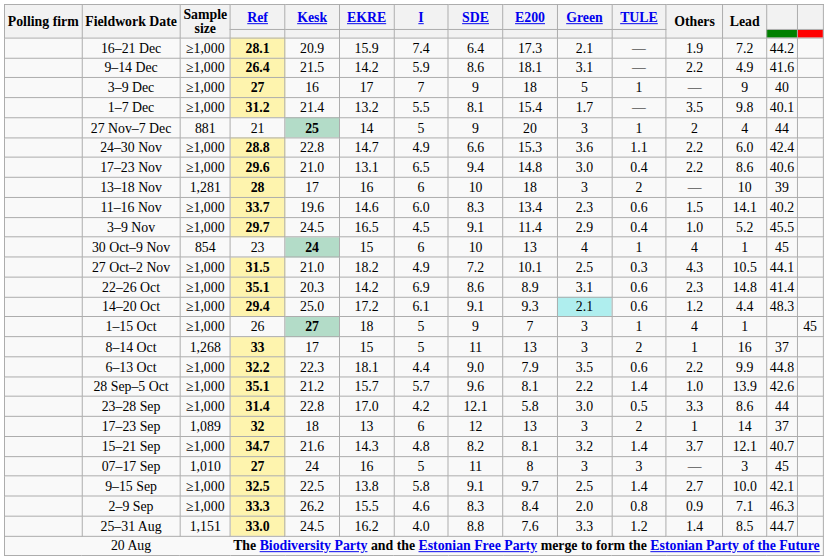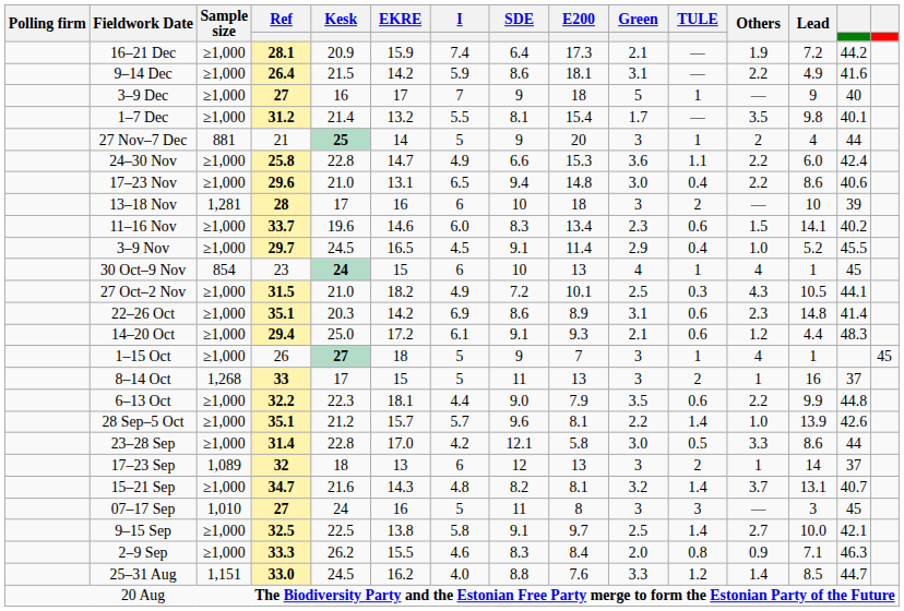 <table class="wikitable sortable mw-datatable" style="text-align:center;font-size:90%;line-height:14px;">
 <tr>
 <th rowspan="2">Polling firm</th>
 <th rowspan="2">Fieldwork Date</th>
 <th rowspan="2" data-sort-type="number">Sample<br>size</th>
 <th class="unsortable" style="width:50px;"><a href='#'>Ref</a></th>
 <th class="unsortable" style="width:50px;"><a href='#'>Kesk</a></th>
 <th class="unsortable" style="width:50px;"><a href='#'>EKRE</a></th>
 <th class="unsortable" style="width:50px;"><a href='#'>I</a></th>
 <th class="unsortable" style="width:50px;"><a href='#'>SDE</a></th>
 <th class="unsortable" style="width:50px;"><a href='#'>E200</a></th>
 <th class="unsortable" style="width:50px;"><a href='#'>Green</a></th>
 <th class="unsortable" style="width:50px;"><a href='#'>TULE</a></th>
 <th rowspan="2" class="unsortable">Others</th>
 <th rowspan="2" data-sort-type="number">Lead</th>
 <th class="unsortable" style="width:20px;"></th>
 <th class="unsortable" style="width:20px;"></th>
 </tr>
 <tr style="text-align:center;">
 <th data-sort-type="number" style="background:"></th>
 <th data-sort-type="number" style="background:"></th>
 <th data-sort-type="number" style="background:"></th>
 <th data-sort-type="number" style="background:"></th>
 <th data-sort-type="number" style="background:"></th>
 <th data-sort-type="number" style="background:"></th>
 <th data-sort-type="number" style="background:"></th>
 <th data-sort-type="number" style="background:"></th>
 <th data-sort-type="number" style="background:Green;"></th>
 <th data-sort-type="number" style="background:Red;"></th>
 </tr>
 <tr>
 <td></td>
 <td>16–21 Dec</td>
 <td>≥1,000</td>
 <td style="background:#FEF4AE"><strong>28.1</strong></td>
 <td>20.9</td>
 <td>15.9</td>
 <td>7.4</td>
 <td>6.4</td>
 <td>17.3</td>
 <td>2.1</td>
 <td>—</td>
 <td>1.9</td>
 <td style="background:">7.2</td>
 <td>44.2</td>
 <td></td>
 </tr>
 <tr>
 <td></td>
 <td>9–14 Dec</td>
 <td>≥1,000</td>
 <td style="background:#FEF4AE"><strong>26.4</strong></td>
 <td>21.5</td>
 <td>14.2</td>
 <td>5.9</td>
 <td>8.6</td>
 <td>18.1</td>
 <td>3.1</td>
 <td>—</td>
 <td>2.2</td>
 <td style="background:">4.9</td>
 <td>41.6</td>
 <td></td>
 </tr>
 <tr>
 <td></td>
 <td>3–9 Dec</td>
 <td>≥1,000</td>
 <td style="background:#FEF4AE"><strong>27</strong></td>
 <td>16</td>
 <td>17</td>
 <td>7</td>
 <td>9</td>
 <td>18</td>
 <td>5</td>
 <td>1</td>
 <td>—</td>
 <td style="background:">9</td>
 <td>40</td>
 <td></td>
 </tr>
 <tr>
 <td></td>
 <td>1–7 Dec</td>
 <td>≥1,000</td>
 <td style="background:#FEF4AE"><strong>31.2</strong></td>
 <td>21.4</td>
 <td>13.2</td>
 <td>5.5</td>
 <td>8.1</td>
 <td>15.4</td>
 <td>1.7</td>
 <td>—</td>
 <td>3.5</td>
 <td style="background:">9.8</td>
 <td>40.1</td>
 <td></td>
 </tr>
 <tr>
 <td></td>
 <td>27  Nov–7 Dec</td>
 <td>881</td>
 <td>21</td>
 <td style="background:#b3dcc8"><strong>25</strong></td>
 <td>14</td>
 <td>5</td>
 <td>9</td>
 <td>20</td>
 <td>3</td>
 <td>1</td>
 <td>2</td>
 <td style="background:">4</td>
 <td>44</td>
 <td></td>
 </tr>
 <tr>
 <td></td>
 <td>24–30 Nov</td>
 <td>≥1,000</td>
-<td style="background:#FEF4AE"><strong>28.8</strong></td>
+<td style="background:#FEF4AE"><strong>25.8</strong></td>
 <td>22.8</td>
 <td>14.7</td>
 <td>4.9</td>
 <td>6.6</td>
 <td>15.3</td>
 <td>3.6</td>
 <td>1.1</td>
 <td>2.2</td>
 <td style="background:">6.0</td>
 <td>42.4</td>
 <td></td>
 </tr>
 <tr>
 <td></td>
 <td>17–23 Nov</td>
 <td>≥1,000</td>
 <td style="background:#FEF4AE"><strong>29.6</strong></td>
 <td>21.0</td>
 <td>13.1</td>
 <td>6.5</td>
 <td>9.4</td>
 <td>14.8</td>
 <td>3.0</td>
 <td>0.4</td>
 <td>2.2</td>
 <td style="background:">8.6</td>
 <td>40.6</td>
 <td></td>
 </tr>
 <tr>
 <td></td>
 <td>13–18 Nov</td>
 <td>1,281</td>
 <td style="background:#FEF4AE"><strong>28</strong></td>
 <td>17</td>
 <td>16</td>
 <td>6</td>
 <td>10</td>
 <td>18</td>
 <td>3</td>
 <td>2</td>
 <td>—</td>
 <td style="background:">10</td>
 <td>39</td>
 <td></td>
 </tr>
 <tr>
 <td></td>
 <td>11–16 Nov</td>
 <td>≥1,000</td>
 <td style="background:#FEF4AE"><strong>33.7</strong></td>
 <td>19.6</td>
 <td>14.6</td>
 <td>6.0</td>
 <td>8.3</td>
 <td>13.4</td>
 <td>2.3</td>
 <td>0.6</td>
 <td>1.5</td>
 <td style="background:">14.1</td>
 <td>40.2</td>
 <td></td>
 </tr>
 <tr>
 <td></td>
 <td>3–9 Nov</td>
 <td>≥1,000</td>
 <td style="background:#FEF4AE"><strong>29.7</strong></td>
 <td>24.5</td>
 <td>16.5</td>
 <td>4.5</td>
 <td>9.1</td>
 <td>11.4</td>
 <td>2.9</td>
 <td>0.4</td>
 <td>1.0</td>
 <td style="background:">5.2</td>
 <td>45.5</td>
 <td></td>
 </tr>
 <tr>
 <td></td>
 <td>30 Oct–9 Nov</td>
 <td>854</td>
 <td>23</td>
 <td style="background:#b3dcc8"><strong>24</strong></td>
 <td>15</td>
 <td>6</td>
 <td>10</td>
 <td>13</td>
 <td>4</td>
 <td>1</td>
 <td>4</td>
 <td style="background:">1</td>
 <td>45</td>
 <td></td>
 </tr>
 <tr>
 <td></td>
 <td>27 Oct–2 Nov</td>
 <td>≥1,000</td>
 <td style="background:#FEF4AE"><strong>31.5</strong></td>
 <td>21.0</td>
 <td>18.2</td>
 <td>4.9</td>
 <td>7.2</td>
 <td>10.1</td>
 <td>2.5</td>
 <td>0.3</td>
 <td>4.3</td>
 <td style="background:">10.5</td>
 <td>44.1</td>
 <td></td>
 </tr>
 <tr>
 <td></td>
 <td>22–26 Oct</td>
 <td>≥1,000</td>
 <td style="background:#FEF4AE"><strong>35.1</strong></td>
 <td>20.3</td>
 <td>14.2</td>
 <td>6.9</td>
 <td>8.6</td>
 <td>8.9</td>
 <td>3.1</td>
 <td>0.6</td>
 <td>2.3</td>
 <td style="background:">14.8</td>
 <td>41.4</td>
 <td></td>
 </tr>
 <tr>
 <td></td>
 <td>14–20 Oct</td>
 <td>≥1,000</td>
 <td style="background:#FEF4AE"><strong>29.4</strong></td>
 <td>25.0</td>
 <td>17.2</td>
 <td>6.1</td>
 <td>9.1</td>
 <td>9.3</td>
-<td style="background: paleturquoise;">2.1</td>
+<td>2.1</td>
 <td>0.6</td>
 <td>1.2</td>
 <td style="background:">4.4</td>
 <td>48.3</td>
 <td></td>
 </tr>
 <tr>
 <td></td>
 <td>1–15 Oct</td>
 <td>≥1,000</td>
 <td>26</td>
 <td style="background:#b3dcc8"><strong>27</strong></td>
 <td>18</td>
 <td>5</td>
 <td>9</td>
 <td>7</td>
 <td>3</td>
 <td>1</td>
 <td>4</td>
 <td style="background:">1</td>
 <td></td>
 <td>45</td>
 </tr>
 <tr>
 <td></td>
 <td>8–14 Oct</td>
 <td>1,268</td>
 <td style="background:#FEF4AE"><strong>33</strong></td>
 <td>17</td>
 <td>15</td>
 <td>5</td>
 <td>11</td>
 <td>13</td>
 <td>3</td>
 <td>2</td>
 <td>1</td>
 <td style="background:">16</td>
 <td>37</td>
 <td></td>
 </tr>
 <tr>
 <td></td>
 <td>6–13 Oct</td>
 <td>≥1,000</td>
 <td style="background:#FEF4AE"><strong>32.2</strong></td>
 <td>22.3</td>
 <td>18.1</td>
 <td>4.4</td>
 <td>9.0</td>
 <td>7.9</td>
 <td>3.5</td>
 <td>0.6</td>
 <td>2.2</td>
 <td style="background:">9.9</td>
 <td>44.8</td>
 <td></td>
 </tr>
 <tr>
 <td></td>
 <td>28 Sep–5 Oct</td>
 <td>≥1,000</td>
 <td style="background:#FEF4AE"><strong>35.1</strong></td>
 <td>21.2</td>
 <td>15.7</td>
 <td>5.7</td>
 <td>9.6</td>
 <td>8.1</td>
 <td>2.2</td>
 <td>1.4</td>
 <td>1.0</td>
 <td style="background:">13.9</td>
 <td>42.6</td>
 <td></td>
 </tr>
 <tr>
 <td></td>
 <td>23–28 Sep</td>
 <td>≥1,000</td>
 <td style="background:#FEF4AE"><strong>31.4</strong></td>
 <td>22.8</td>
 <td>17.0</td>
 <td>4.2</td>
 <td>12.1</td>
 <td>5.8</td>
 <td>3.0</td>
 <td>0.5</td>
 <td>3.3</td>
 <td style="background:">8.6</td>
 <td>44</td>
 <td></td>
 </tr>
 <tr>
 <td></td>
 <td>17–23 Sep</td>
 <td>1,089</td>
 <td style="background:#FEF4AE"><strong>32</strong></td>
 <td>18</td>
 <td>13</td>
 <td>6</td>
 <td>12</td>
 <td>13</td>
 <td>3</td>
 <td>2</td>
 <td>1</td>
 <td style="background:">14</td>
 <td>37</td>
 <td></td>
 </tr>
 <tr>
 <td></td>
 <td>15–21 Sep</td>
 <td>≥1,000</td>
 <td style="background:#FEF4AE"><strong>34.7</strong></td>
 <td>21.6</td>
 <td>14.3</td>
 <td>4.8</td>
 <td>8.2</td>
 <td>8.1</td>
 <td>3.2</td>
 <td>1.4</td>
 <td>3.7</td>
-<td style="background:">12.1</td>
+<td style="background:">13.1</td>
 <td>40.7</td>
 <td></td>
 </tr>
 <tr>
 <td></td>
 <td>07–17 Sep</td>
 <td>1,010</td>
 <td style="background:#FEF4AE"><strong>27</strong></td>
 <td>24</td>
 <td>16</td>
 <td>5</td>
 <td>11</td>
 <td>8</td>
 <td>3</td>
 <td>3</td>
 <td>—</td>
 <td style="background:">3</td>
 <td>45</td>
 <td></td>
 </tr>
 <tr>
 <td></td>
 <td>9–15 Sep</td>
 <td>≥1,000</td>
 <td style="background:#FEF4AE"><strong>32.5</strong></td>
 <td>22.5</td>
 <td>13.8</td>
 <td>5.8</td>
 <td>9.1</td>
 <td>9.7</td>
 <td>2.5</td>
 <td>1.4</td>
 <td>2.7</td>
 <td style="background:">10.0</td>
 <td>42.1</td>
 <td></td>
 </tr>
 <tr>
 <td></td>
 <td>2–9 Sep</td>
 <td>≥1,000</td>
 <td style="background:#FEF4AE"><strong>33.3</strong></td>
 <td>26.2</td>
 <td>15.5</td>
 <td>4.6</td>
 <td>8.3</td>
 <td>8.4</td>
 <td>2.0</td>
 <td>0.8</td>
 <td>0.9</td>
 <td style="background:">7.1</td>
 <td>46.3</td>
 <td></td>
 </tr>
 <tr>
 <td></td>
 <td>25–31 Aug</td>
 <td>1,151</td>
 <td style="background:#FEF4AE"><strong>33.0</strong></td>
 <td>24.5</td>
 <td>16.2</td>
 <td>4.0</td>
 <td>8.8</td>
 <td>7.6</td>
 <td>3.3</td>
 <td>1.2</td>
 <td>1.4</td>
 <td style="background:">8.5</td>
 <td>44.7</td>
 <td></td>
 </tr>
 <tr>
 <td style="border-right-style:hidden;"></td>
 <td style="border-right-style:hidden;">20 Aug</td>
 <td style="border-right-style:hidden;"></td>
 <td colspan="12"><strong>The <a href='#'>Biodiversity Party</a> and the <a href='#'>Estonian Free Party</a> merge to form the <a href='#'>Estonian Party of the Future</a></strong></td>
 </tr>
 </table>
